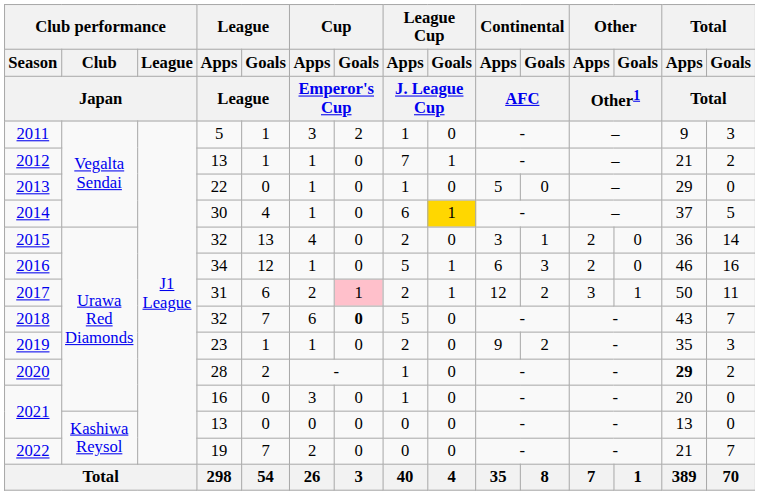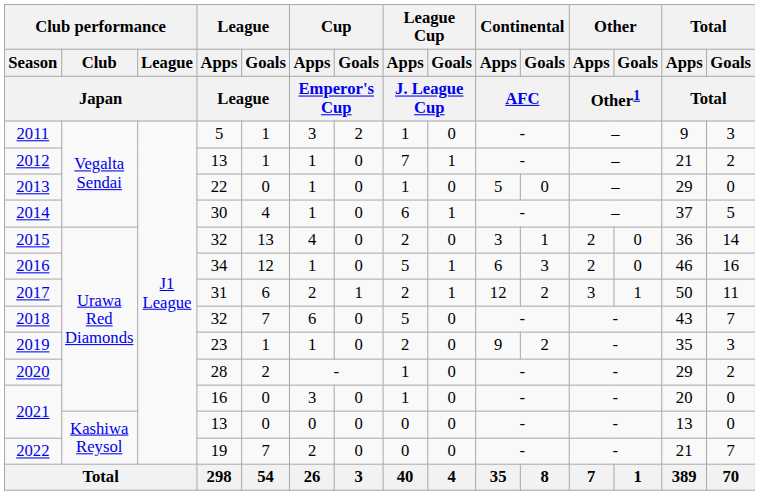 <table class="wikitable" style="text-align:center;">
 <tr>
 <th colspan=3>Club performance</th>
 <th colspan=2>League</th>
 <th colspan=2>Cup</th>
 <th colspan=2>League Cup</th>
 <th colspan=2>Continental</th>
 <th colspan=2>Other</th>
 <th colspan=2>Total</th>
 </tr>
 <tr>
 <th>Season</th>
 <th>Club</th>
 <th>League</th>
 <th>Apps</th>
 <th>Goals</th>
 <th>Apps</th>
 <th>Goals</th>
 <th>Apps</th>
 <th>Goals</th>
 <th>Apps</th>
 <th>Goals</th>
 <th>Apps</th>
 <th>Goals</th>
 <th>Apps</th>
 <th>Goals</th>
 </tr>
 <tr>
 <th colspan=3>Japan</th>
 <th colspan=2>League</th>
 <th colspan=2><a href='#'>Emperor's Cup</a></th>
 <th colspan=2><a href='#'>J. League Cup</a></th>
 <th colspan=2><a href='#'>AFC</a></th>
 <th colspan="2">Other<sup><a href='#'>1</a></sup></th>
 <th colspan=2>Total</th>
 </tr>
 <tr>
 <td><a href='#'>2011</a></td>
 <td rowspan=4><a href='#'>Vegalta Sendai</a></td>
 <td rowspan="13"><a href='#'>J1 League</a></td>
 <td>5</td>
 <td>1</td>
 <td>3</td>
 <td>2</td>
 <td>1</td>
 <td>0</td>
 <td colspan=2>-</td>
 <td colspan="2">–</td>
 <td>9</td>
 <td>3</td>
 </tr>
 <tr>
 <td><a href='#'>2012</a></td>
 <td>13</td>
 <td>1</td>
 <td>1</td>
 <td>0</td>
 <td>7</td>
 <td>1</td>
 <td colspan=2>-</td>
 <td colspan="2">–</td>
 <td>21</td>
 <td>2</td>
 </tr>
 <tr>
 <td><a href='#'>2013</a></td>
 <td>22</td>
 <td>0</td>
 <td>1</td>
 <td>0</td>
 <td>1</td>
 <td>0</td>
 <td>5</td>
 <td>0</td>
 <td colspan="2">–</td>
 <td>29</td>
 <td>0</td>
 </tr>
 <tr>
 <td><a href='#'>2014</a></td>
 <td>30</td>
 <td>4</td>
 <td>1</td>
 <td>0</td>
 <td>6</td>
-<td style="background: gold;">1</td>
+<td>1</td>
 <td colspan=2>-</td>
 <td colspan="2">–</td>
 <td>37</td>
 <td>5</td>
 </tr>
 <tr>
 <td><a href='#'>2015</a></td>
 <td rowspan="7"><a href='#'>Urawa Red Diamonds</a></td>
 <td>32</td>
 <td>13</td>
 <td>4</td>
 <td>0</td>
 <td>2</td>
 <td>0</td>
 <td>3</td>
 <td>1</td>
 <td>2</td>
 <td>0</td>
 <td>36</td>
 <td>14</td>
 </tr>
 <tr>
 <td><a href='#'>2016</a></td>
 <td>34</td>
 <td>12</td>
 <td>1</td>
 <td>0</td>
 <td>5</td>
 <td>1</td>
 <td>6</td>
 <td>3</td>
 <td>2</td>
 <td>0</td>
 <td>46</td>
 <td>16</td>
 </tr>
 <tr>
 <td><a href='#'>2017</a></td>
 <td>31</td>
 <td>6</td>
 <td>2</td>
-<td style="background: pink;">1</td>
+<td>1</td>
 <td>2</td>
 <td>1</td>
 <td>12</td>
 <td>2</td>
 <td>3</td>
 <td>1</td>
 <td>50</td>
 <td>11</td>
 </tr>
 <tr>
 <td><a href='#'>2018</a></td>
 <td>32</td>
 <td>7</td>
 <td>6</td>
-<td><strong>0</strong></td>
+<td>0</td>
 <td>5</td>
 <td>0</td>
 <td colspan="2">-</td>
 <td colspan="2">-</td>
 <td>43</td>
 <td>7</td>
 </tr>
 <tr>
 <td><a href='#'>2019</a></td>
 <td>23</td>
 <td>1</td>
 <td>1</td>
 <td>0</td>
 <td>2</td>
 <td>0</td>
 <td>9</td>
 <td>2</td>
 <td colspan="2">-</td>
 <td>35</td>
 <td>3</td>
 </tr>
 <tr>
 <td><a href='#'>2020</a></td>
 <td>28</td>
 <td>2</td>
 <td colspan="2">-</td>
 <td>1</td>
 <td>0</td>
 <td colspan="2">-</td>
 <td colspan="2">-</td>
-<td><strong>29</strong></td>
+<td>29</td>
 <td>2</td>
 </tr>
 <tr>
 <td rowspan="2"><a href='#'>2021</a></td>
 <td>16</td>
 <td>0</td>
 <td>3</td>
 <td>0</td>
 <td>1</td>
 <td>0</td>
 <td colspan="2">-</td>
 <td colspan="2">-</td>
 <td>20</td>
 <td>0</td>
 </tr>
 <tr>
 <td rowspan="2"><a href='#'>Kashiwa Reysol</a></td>
 <td>13</td>
 <td>0</td>
 <td>0</td>
 <td>0</td>
 <td>0</td>
 <td>0</td>
 <td colspan="2">-</td>
 <td colspan="2">-</td>
 <td>13</td>
 <td>0</td>
 </tr>
 <tr>
 <td><a href='#'>2022</a></td>
 <td>19</td>
 <td>7</td>
 <td>2</td>
 <td>0</td>
 <td>0</td>
 <td>0</td>
 <td colspan="2">-</td>
 <td colspan="2">-</td>
 <td>21</td>
 <td>7</td>
 </tr>
 <tr>
 <th colspan=3>Total</th>
 <th>298</th>
 <th>54</th>
 <th>26</th>
 <th>3</th>
 <th>40</th>
 <th>4</th>
 <th>35</th>
 <th>8</th>
 <th>7</th>
 <th>1</th>
 <th>389</th>
 <th>70</th>
 </tr>
 </table>
